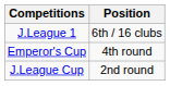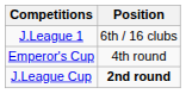 <table class="wikitable" style="text-align:center;">
 <tr>
 <th>Competitions</th>
 <th>Position</th>
 </tr>
 <tr>
 <td><a href='#'>J.League 1</a></td>
 <td>6th / 16 clubs</td>
 </tr>
 <tr>
 <td><a href='#'>Emperor's Cup</a></td>
 <td>4th round</td>
 </tr>
 <tr>
 <td><a href='#'>J.League Cup</a></td>
-<td>2nd round</td>
+<td><strong>2nd round</strong></td>
 </tr>
 </table>
